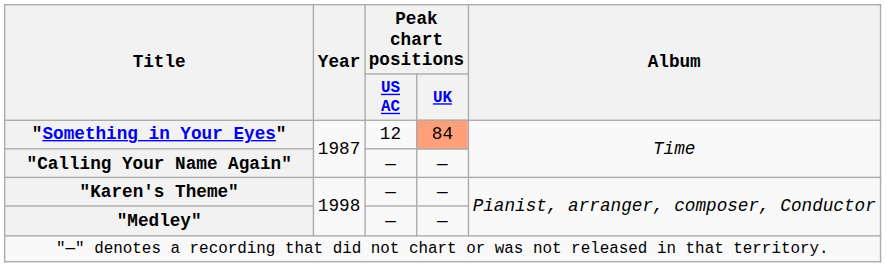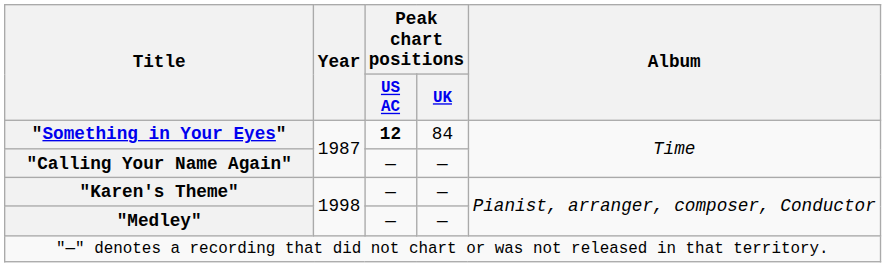 <table class="wikitable plainrowheaders" style="text-align:center;">
 <tr>
 <th scope="col" rowspan="2" style="width:17em;">Title</th>
 <th scope="col" rowspan="2">Year</th>
 <th scope="col" colspan="2">Peak chart positions</th>
 <th scope="col" rowspan="2">Album</th>
 </tr>
 <tr>
 <th scope="col" style="width:2.5em;font-size:90%;"><a href='#'>US AC</a><br></th>
 <th scope="col" style="width:2.5em;font-size:90%;"><a href='#'>UK</a><br></th>
 </tr>
 <tr>
 <th scope="row">"<a href='#'>Something in Your Eyes</a>"<br></th>
 <td rowspan="2">1987</td>
-<td>12</td>
-<td style="background: lightsalmon;">84</td>
+<td><strong>12</strong></td>
+<td>84</td>
 <td rowspan="2"><em>Time</em></td>
 </tr>
 <tr>
 <th scope="row">"Calling Your Name Again"</th>
 <td>—</td>
 <td>—</td>
 </tr>
 <tr>
 <th scope="row">"Karen's Theme"</th>
 <td rowspan="2">1998</td>
 <td>—</td>
 <td>—</td>
 <td rowspan="2"><em>Pianist, arranger, composer, Conductor</em></td>
 </tr>
 <tr>
 <th scope="row">"Medley"</th>
 <td>—</td>
 <td>—</td>
 </tr>
 <tr>
 <td colspan="5" style="font-size:90%">"—" denotes a recording that did not chart or was not released in that territory.</td>
 </tr>
 </table>
